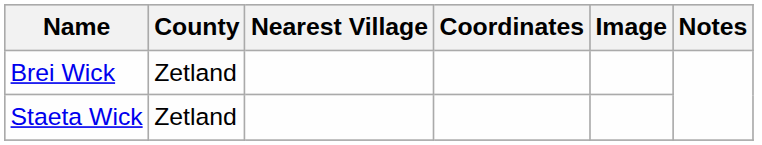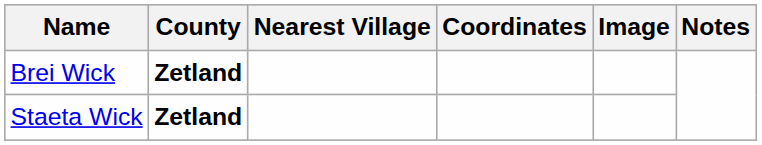 <table class="wikitable sortable" style="table-layout:fixed;background-color:#FEFEFE;font-size:95%;padding:0.30em;line-height:1.35em;">
 <tr>
 <th scope="col">Name</th>
 <th scope="col">County</th>
 <th scope="col">Nearest Village</th>
 <th scope="col" data-sort-type="number">Coordinates</th>
 <th scope="col">Image</th>
 <th scope="col">Notes</th>
 </tr>
 <tr>
 <td><a href='#'>Brei Wick</a></td>
-<td>Zetland</td>
+<td><strong>Zetland</strong></td>
 <td></td>
 <td></td>
 <td></td>
 </tr>
 <tr>
 <td><a href='#'>Staeta Wick</a></td>
-<td>Zetland</td>
+<td><strong>Zetland</strong></td>
 <td></td>
 <td></td>
 <td></td>
 </tr>
 </table>
